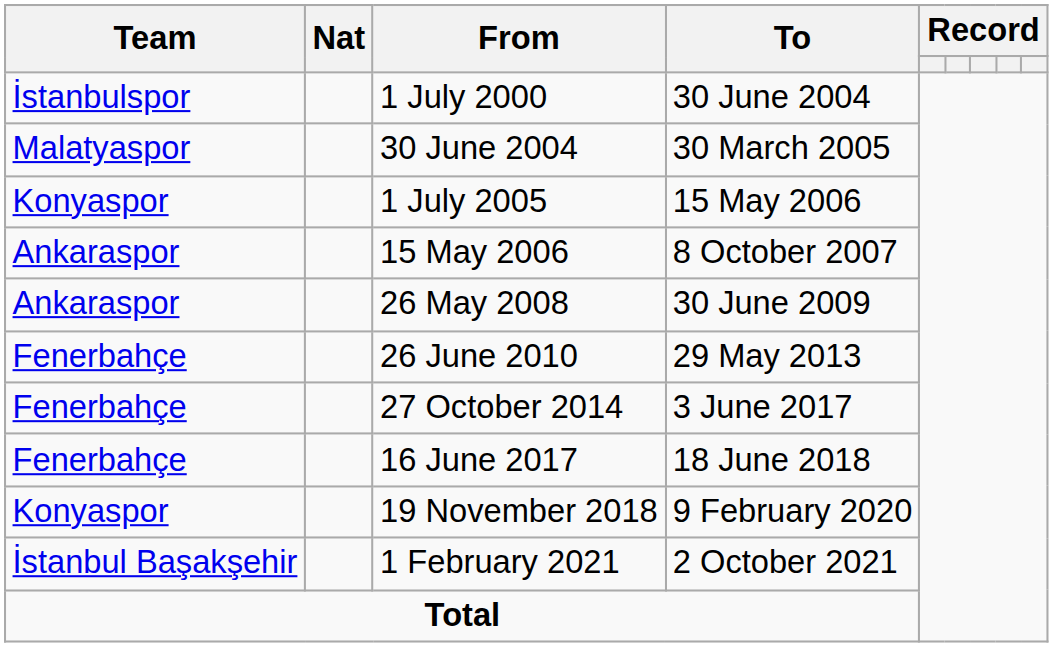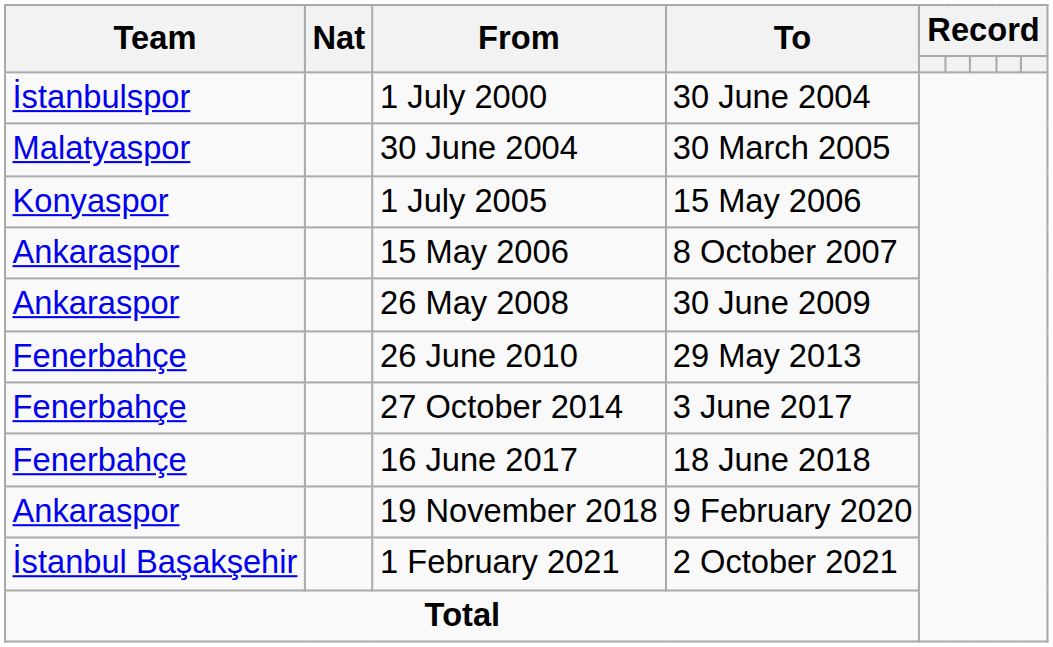 <table class="wikitable" style="text-align: center">
 <tr>
 <th rowspan="2">Team</th>
 <th rowspan="2">Nat</th>
 <th rowspan="2">From</th>
 <th rowspan="2">To</th>
 <th colspan="8">Record</th>
 </tr>
 <tr>
 <th></th>
 <th></th>
 <th></th>
 <th></th>
 <th></th>
 </tr>
 <tr>
 <td align="left"><a href='#'>İstanbulspor</a></td>
 <td></td>
 <td align="left">1 July 2000</td>
 <td align="left">30 June 2004<br></td>
 </tr>
 <tr>
 <td align="left"><a href='#'>Malatyaspor</a></td>
 <td></td>
 <td align="left">30 June 2004</td>
 <td align="left">30 March 2005<br></td>
 </tr>
 <tr>
 <td align="left"><a href='#'>Konyaspor</a></td>
 <td></td>
 <td align="left">1 July 2005</td>
 <td align="left">15 May 2006<br></td>
 </tr>
 <tr>
 <td align="left"><a href='#'>Ankaraspor</a></td>
 <td></td>
 <td align="left">15 May 2006</td>
 <td align="left">8 October 2007<br></td>
 </tr>
 <tr>
 <td align="left"><a href='#'>Ankaraspor</a></td>
 <td></td>
 <td align="left">26 May 2008</td>
 <td align="left">30 June 2009<br></td>
 </tr>
 <tr>
 <td align="left"><a href='#'>Fenerbahçe</a></td>
 <td></td>
 <td align="left">26 June 2010</td>
 <td align="left">29 May 2013<br></td>
 </tr>
 <tr>
 <td align="left"><a href='#'>Fenerbahçe</a></td>
 <td></td>
 <td align="left">27 October 2014</td>
 <td align="left">3 June 2017<br></td>
 </tr>
 <tr>
 <td align="left"><a href='#'>Fenerbahçe</a></td>
 <td></td>
 <td align="left">16 June 2017</td>
 <td align="left">18 June 2018<br></td>
 </tr>
 <tr>
-<td align="left"><a href='#'>Konyaspor</a></td>
+<td align="left"><a href='#'>Ankaraspor</a></td>
 <td></td>
 <td align="left">19 November 2018</td>
 <td align="left">9 February 2020<br></td>
 </tr>
 <tr>
 <td align="left"><a href='#'>İstanbul Başakşehir</a></td>
 <td></td>
 <td align="left">1 February 2021</td>
 <td align="left">2 October 2021<br></td>
 </tr>
 <tr>
 <td colspan="4"><strong>Total</strong><br></td>
 </tr>
 </table>
